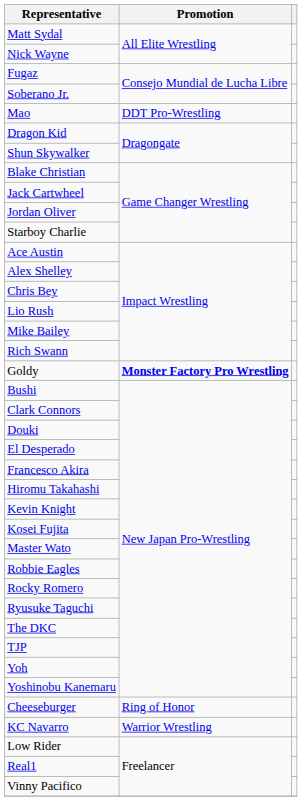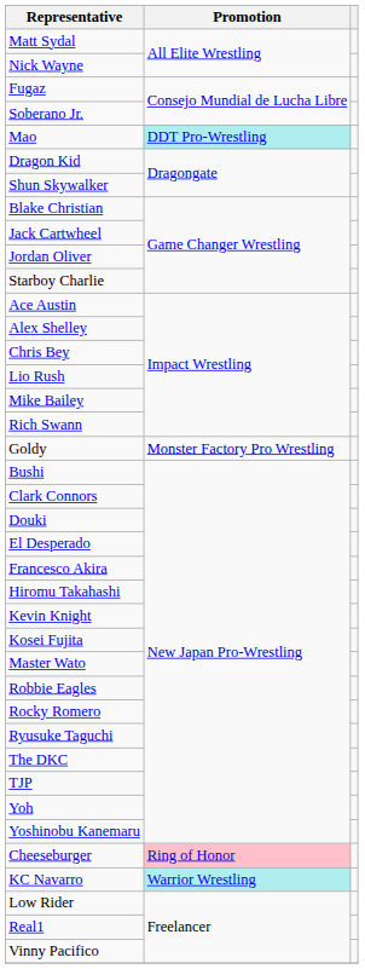 <table class="wikitable sortable">
 <tr>
 <th>Representative</th>
 <th>Promotion</th>
 <th class="unsortable"></th>
 </tr>
 <tr>
 <td><a href='#'>Matt Sydal</a></td>
 <td rowspan="2"><a href='#'>All Elite Wrestling</a></td>
 <td></td>
 </tr>
 <tr>
 <td><a href='#'>Nick Wayne</a></td>
 <td></td>
 </tr>
 <tr>
 <td><a href='#'>Fugaz</a></td>
 <td rowspan="2"><a href='#'>Consejo Mundial de Lucha Libre</a></td>
 <td></td>
 </tr>
 <tr>
 <td><a href='#'>Soberano Jr.</a></td>
 <td></td>
 </tr>
 <tr>
 <td><a href='#'>Mao</a></td>
-<td rowspan="1"><a href='#'>DDT Pro-Wrestling</a></td>
+<td rowspan="1" style="background: paleturquoise;"><a href='#'>DDT Pro-Wrestling</a></td>
 <td></td>
 </tr>
 <tr>
 <td><a href='#'>Dragon Kid</a></td>
 <td rowspan="2"><a href='#'>Dragongate</a></td>
 <td></td>
 </tr>
 <tr>
 <td><a href='#'>Shun Skywalker</a></td>
 <td></td>
 </tr>
 <tr>
 <td><a href='#'>Blake Christian</a></td>
 <td rowspan="4"><a href='#'>Game Changer Wrestling</a></td>
 <td></td>
 </tr>
 <tr>
 <td><a href='#'>Jack Cartwheel</a></td>
 <td></td>
 </tr>
 <tr>
 <td><a href='#'>Jordan Oliver</a></td>
 <td></td>
 </tr>
 <tr>
 <td>Starboy Charlie</td>
 <td></td>
 </tr>
 <tr>
 <td><a href='#'>Ace Austin</a></td>
 <td rowspan="6"><a href='#'>Impact Wrestling</a></td>
 <td></td>
 </tr>
 <tr>
 <td><a href='#'>Alex Shelley</a></td>
 <td></td>
 </tr>
 <tr>
 <td><a href='#'>Chris Bey</a></td>
 <td></td>
 </tr>
 <tr>
 <td><a href='#'>Lio Rush</a></td>
 <td></td>
 </tr>
 <tr>
 <td><a href='#'>Mike Bailey</a></td>
 <td></td>
 </tr>
 <tr>
 <td><a href='#'>Rich Swann</a></td>
 <td></td>
 </tr>
 <tr>
 <td>Goldy</td>
-<td rowspan="1"><strong><a href='#'>Monster Factory Pro Wrestling</a></strong></td>
+<td rowspan="1"><a href='#'>Monster Factory Pro Wrestling</a></td>
 <td></td>
 </tr>
 <tr>
 <td><a href='#'>Bushi</a></td>
 <td rowspan="16"><a href='#'>New Japan Pro-Wrestling</a></td>
 <td></td>
 </tr>
 <tr>
 <td><a href='#'>Clark Connors</a></td>
 <td></td>
 </tr>
 <tr>
 <td><a href='#'>Douki</a></td>
 <td></td>
 </tr>
 <tr>
 <td><a href='#'>El Desperado</a></td>
 <td></td>
 </tr>
 <tr>
 <td><a href='#'>Francesco Akira</a></td>
 <td></td>
 </tr>
 <tr>
 <td><a href='#'>Hiromu Takahashi</a></td>
 <td></td>
 </tr>
 <tr>
 <td><a href='#'>Kevin Knight</a></td>
 <td></td>
 </tr>
 <tr>
 <td><a href='#'>Kosei Fujita</a></td>
 <td></td>
 </tr>
 <tr>
 <td><a href='#'>Master Wato</a></td>
 <td></td>
 </tr>
 <tr>
 <td><a href='#'>Robbie Eagles</a></td>
 <td></td>
 </tr>
 <tr>
 <td><a href='#'>Rocky Romero</a></td>
 <td></td>
 </tr>
 <tr>
 <td><a href='#'>Ryusuke Taguchi</a></td>
 <td></td>
 </tr>
 <tr>
 <td><a href='#'>The DKC</a></td>
 <td></td>
 </tr>
 <tr>
 <td><a href='#'>TJP</a></td>
 <td></td>
 </tr>
 <tr>
 <td><a href='#'>Yoh</a></td>
 <td></td>
 </tr>
 <tr>
 <td><a href='#'>Yoshinobu Kanemaru</a></td>
 <td></td>
 </tr>
 <tr>
 <td><a href='#'>Cheeseburger</a></td>
-<td rowspan="1"><a href='#'>Ring of Honor</a></td>
+<td rowspan="1" style="background: pink;"><a href='#'>Ring of Honor</a></td>
 <td></td>
 </tr>
 <tr>
 <td><a href='#'>KC Navarro</a></td>
-<td rowspan="1"><a href='#'>Warrior Wrestling</a></td>
+<td rowspan="1" style="background: paleturquoise;"><a href='#'>Warrior Wrestling</a></td>
 <td></td>
 </tr>
 <tr>
 <td>Low Rider</td>
 <td rowspan="3">Freelancer</td>
 <td></td>
 </tr>
 <tr>
 <td><a href='#'>Real1</a></td>
 <td></td>
 </tr>
 <tr>
 <td>Vinny Pacifico</td>
 <td></td>
 </tr>
 <tr>
 </tr>
 </table>
